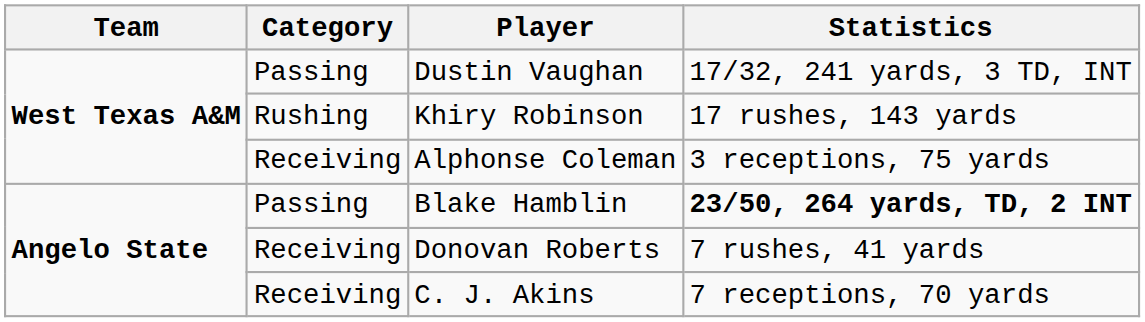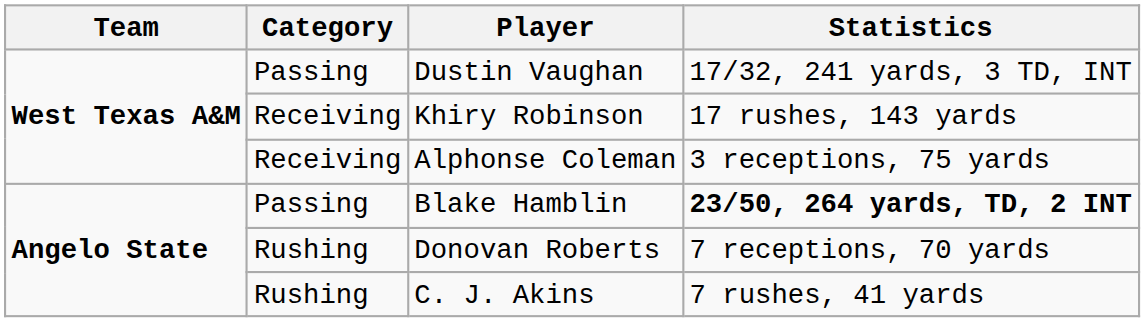 <table class="wikitable" style="float: left;">
 <tr>
 <th>Team</th>
 <th>Category</th>
 <th>Player</th>
 <th>Statistics</th>
 </tr>
 <tr>
 <td rowspan=3><strong>West Texas A&M</strong></td>
 <td>Passing</td>
 <td>Dustin Vaughan</td>
 <td>17/32, 241 yards, 3 TD, INT</td>
 </tr>
 <tr>
-<td>Rushing</td>
+<td>Receiving</td>
 <td>Khiry Robinson</td>
 <td>17 rushes, 143 yards</td>
 </tr>
 <tr>
 <td>Receiving</td>
 <td>Alphonse Coleman</td>
 <td>3 receptions, 75 yards</td>
 </tr>
 <tr>
 <td rowspan=3><strong>Angelo State</strong></td>
 <td>Passing</td>
 <td>Blake Hamblin</td>
 <td><strong>23/50, 264 yards, TD, 2 INT</strong></td>
 </tr>
 <tr>
-<td>Receiving</td>
+<td>Rushing</td>
 <td>Donovan Roberts</td>
+<td>7 receptions, 70 yards</td>
+</tr>
+<tr>
+<td>Rushing</td>
+<td>C. J. Akins</td>
 <td>7 rushes, 41 yards</td>
 </tr>
-<tr>
-<td>Receiving</td>
-<td>C. J. Akins</td>
-<td>7 receptions, 70 yards</td>
-</tr>
 </table>
